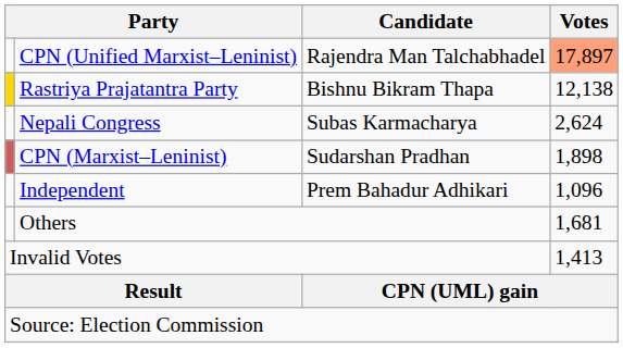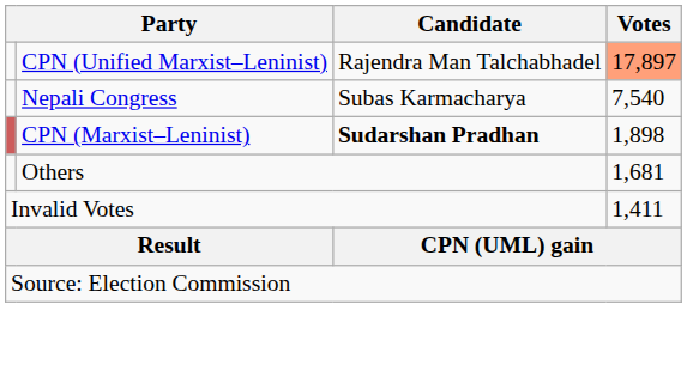 <table class="wikitable">
 <tr>
 <th colspan="2">Party</th>
 <th>Candidate</th>
 <th>Votes</th>
 </tr>
 <tr>
 <td style="background-color:"></td>
 <td><a href='#'>CPN (Unified Marxist–Leninist)</a></td>
 <td>Rajendra Man Talchabhadel</td>
 <td style="background: lightsalmon;">17,897</td>
 </tr>
 <tr>
-<td style="background-color:gold"></td>
-<td><a href='#'>Rastriya Prajatantra Party</a></td>
-<td>Bishnu Bikram Thapa</td>
-<td>12,138</td>
-</tr>
-<tr>
 <td style="background-color:"></td>
 <td><a href='#'>Nepali Congress</a></td>
 <td>Subas Karmacharya</td>
-<td>2,624</td>
+<td>7,540</td>
 </tr>
 <tr>
 <td style="background-color:indianred"></td>
 <td><a href='#'>CPN (Marxist–Leninist)</a></td>
-<td>Sudarshan Pradhan</td>
+<td><strong>Sudarshan Pradhan</strong></td>
 <td>1,898</td>
-</tr>
-<tr>
-<td style="background-color:"></td>
-<td><a href='#'>Independent</a></td>
-<td>Prem Bahadur Adhikari</td>
-<td>1,096</td>
 </tr>
 <tr>
 <td></td>
 <td colspan="2">Others</td>
 <td>1,681</td>
 </tr>
 <tr>
 <td colspan="3">Invalid Votes</td>
-<td>1,413</td>
+<td>1,411</td>
 </tr>
 <tr>
 <th colspan="2">Result</th>
 <th colspan="2">CPN (UML) gain</th>
 </tr>
 <tr>
 <td colspan="4">Source: Election Commission</td>
 </tr>
 </table>
